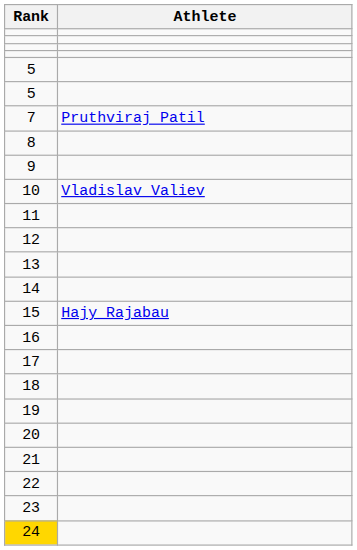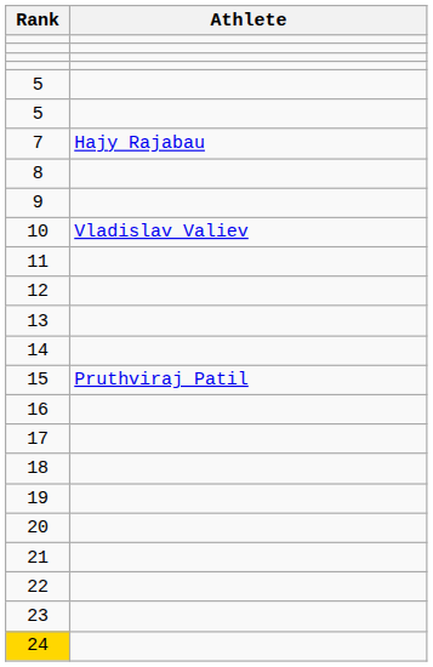 <table class="wikitable" style="text-align: center;">
 <tr>
 <th width=40>Rank</th>
 <th width=250>Athlete</th>
 </tr>
 <tr>
 <td></td>
 <td align="left"></td>
 </tr>
 <tr>
 <td></td>
 <td align="left"></td>
 </tr>
 <tr>
 <td></td>
 <td align="left"></td>
 </tr>
 <tr>
 <td></td>
 <td align="left"></td>
 </tr>
 <tr>
 <td>5</td>
 <td align="left"></td>
 </tr>
 <tr>
 <td>5</td>
 <td align="left"></td>
 </tr>
 <tr>
 <td>7</td>
-<td align="left"> <a href='#'>Pruthviraj Patil</a> </td>
+<td align="left"> <a href='#'>Hajy Rajabau</a> </td>
 </tr>
 <tr>
 <td>8</td>
 <td align="left"></td>
 </tr>
 <tr>
 <td>9</td>
 <td align="left"></td>
 </tr>
 <tr>
 <td>10</td>
 <td align="left"> <a href='#'>Vladislav Valiev</a> </td>
 </tr>
 <tr>
 <td>11</td>
 <td align="left"></td>
 </tr>
 <tr>
 <td>12</td>
 <td align="left"></td>
 </tr>
 <tr>
 <td>13</td>
 <td align="left"></td>
 </tr>
 <tr>
 <td>14</td>
 <td align="left"></td>
 </tr>
 <tr>
 <td>15</td>
-<td align="left"> <a href='#'>Hajy Rajabau</a> </td>
+<td align="left"> <a href='#'>Pruthviraj Patil</a> </td>
 </tr>
 <tr>
 <td>16</td>
 <td align="left"></td>
 </tr>
 <tr>
 <td>17</td>
 <td align="left"></td>
 </tr>
 <tr>
 <td>18</td>
 <td align="left"></td>
 </tr>
 <tr>
 <td>19</td>
 <td align="left"></td>
 </tr>
 <tr>
 <td>20</td>
 <td align="left"></td>
 </tr>
 <tr>
 <td>21</td>
 <td align="left"></td>
 </tr>
 <tr>
 <td>22</td>
 <td align="left"></td>
 </tr>
 <tr>
 <td>23</td>
 <td align="left"></td>
 </tr>
 <tr>
 <td style="background: gold;">24</td>
 <td align="left"></td>
 </tr>
 </table>
